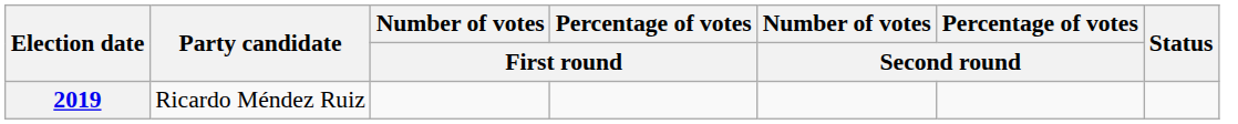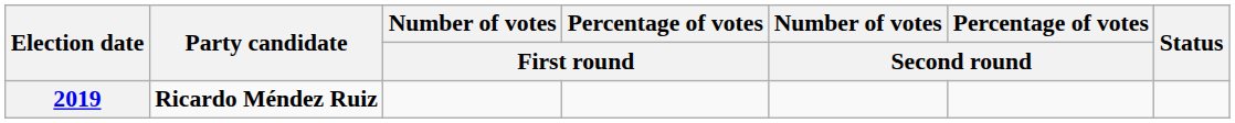 <table class="wikitable">
 <tr>
 <th rowspan="2">Election date</th>
 <th rowspan="2">Party candidate</th>
 <th>Number of votes</th>
 <th>Percentage of votes</th>
 <th>Number of votes</th>
 <th>Percentage of votes</th>
 <th rowspan="2">Status</th>
 </tr>
 <tr>
 <th colspan="2">First round</th>
 <th colspan="2">Second round</th>
 </tr>
 <tr>
 <th><a href='#'>2019</a></th>
-<td>Ricardo Méndez Ruiz</td>
+<td><strong>Ricardo Méndez Ruiz</strong></td>
 <td></td>
 <td></td>
 <td></td>
 <td></td>
 <td></td>
 </tr>
 </table>
